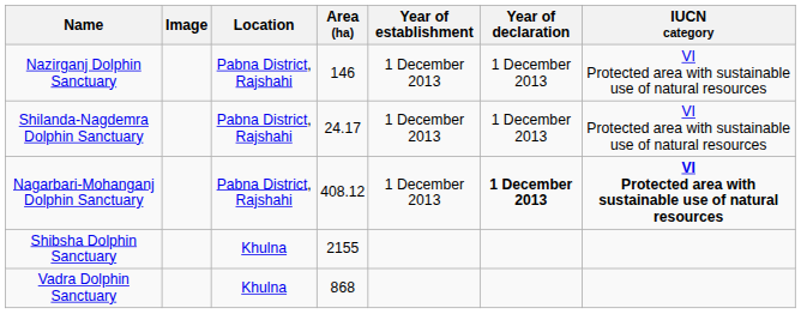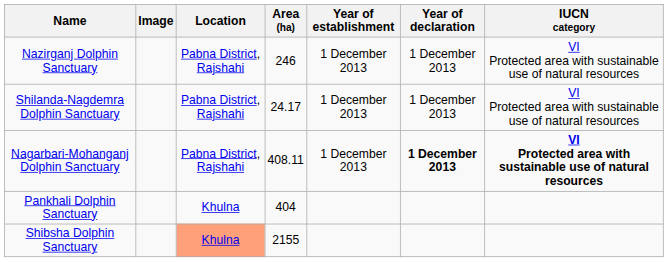 <table class="wikitable sortable sticky-header static-row-numbers static-row-header-hash" style="text-align:center">
 <tr>
 <th>Name</th>
 <th class="unsortable">Image</th>
 <th>Location</th>
 <th>Area<br><small>(ha)</small></th>
 <th>Year of<br>establishment</th>
 <th>Year of<br>declaration</th>
 <th>IUCN<br><small>category</small></th>
 </tr>
 <tr>
 <td><a href='#'>Nazirganj Dolphin Sanctuary</a></td>
 <td></td>
 <td><a href='#'>Pabna District</a>, <a href='#'>Rajshahi</a></td>
-<td>146</td>
+<td>246</td>
 <td>1 December 2013</td>
 <td>1 December 2013</td>
 <td><a href='#'>VI</a><br>Protected area with sustainable use of natural resources</td>
 </tr>
 <tr>
 <td><a href='#'>Shilanda-Nagdemra Dolphin Sanctuary</a></td>
 <td></td>
 <td><a href='#'>Pabna District</a>, <a href='#'>Rajshahi</a></td>
 <td>24.17</td>
 <td>1 December 2013</td>
 <td>1 December 2013</td>
 <td><a href='#'>VI</a><br>Protected area with sustainable use of natural resources</td>
 </tr>
 <tr>
 <td><a href='#'>Nagarbari-Mohanganj Dolphin Sanctuary</a></td>
 <td></td>
 <td><a href='#'>Pabna District</a>, <a href='#'>Rajshahi</a></td>
-<td>408.12</td>
+<td>408.11</td>
 <td>1 December 2013</td>
 <td><strong>1 December 2013</strong></td>
 <td><strong><a href='#'>VI</a><br>Protected area with sustainable use of natural resources</strong></td>
 </tr>
 <tr>
+<td><a href='#'>Pankhali Dolphin Sanctuary</a></td>
+<td></td>
+<td><a href='#'>Khulna</a></td>
+<td>404</td>
+<td></td>
+<td></td>
+<td></td>
+</tr>
+<tr>
 <td><a href='#'>Shibsha Dolphin Sanctuary</a></td>
 <td></td>
-<td><a href='#'>Khulna</a></td>
+<td style="background: lightsalmon;"><a href='#'>Khulna</a></td>
 <td>2155</td>
 <td></td>
 <td></td>
 <td></td>
 </tr>
-<tr>
-<td><a href='#'>Vadra Dolphin Sanctuary</a></td>
-<td></td>
-<td><a href='#'>Khulna</a></td>
-<td>868</td>
-<td></td>
-<td></td>
-<td></td>
-</tr>
 </table>
